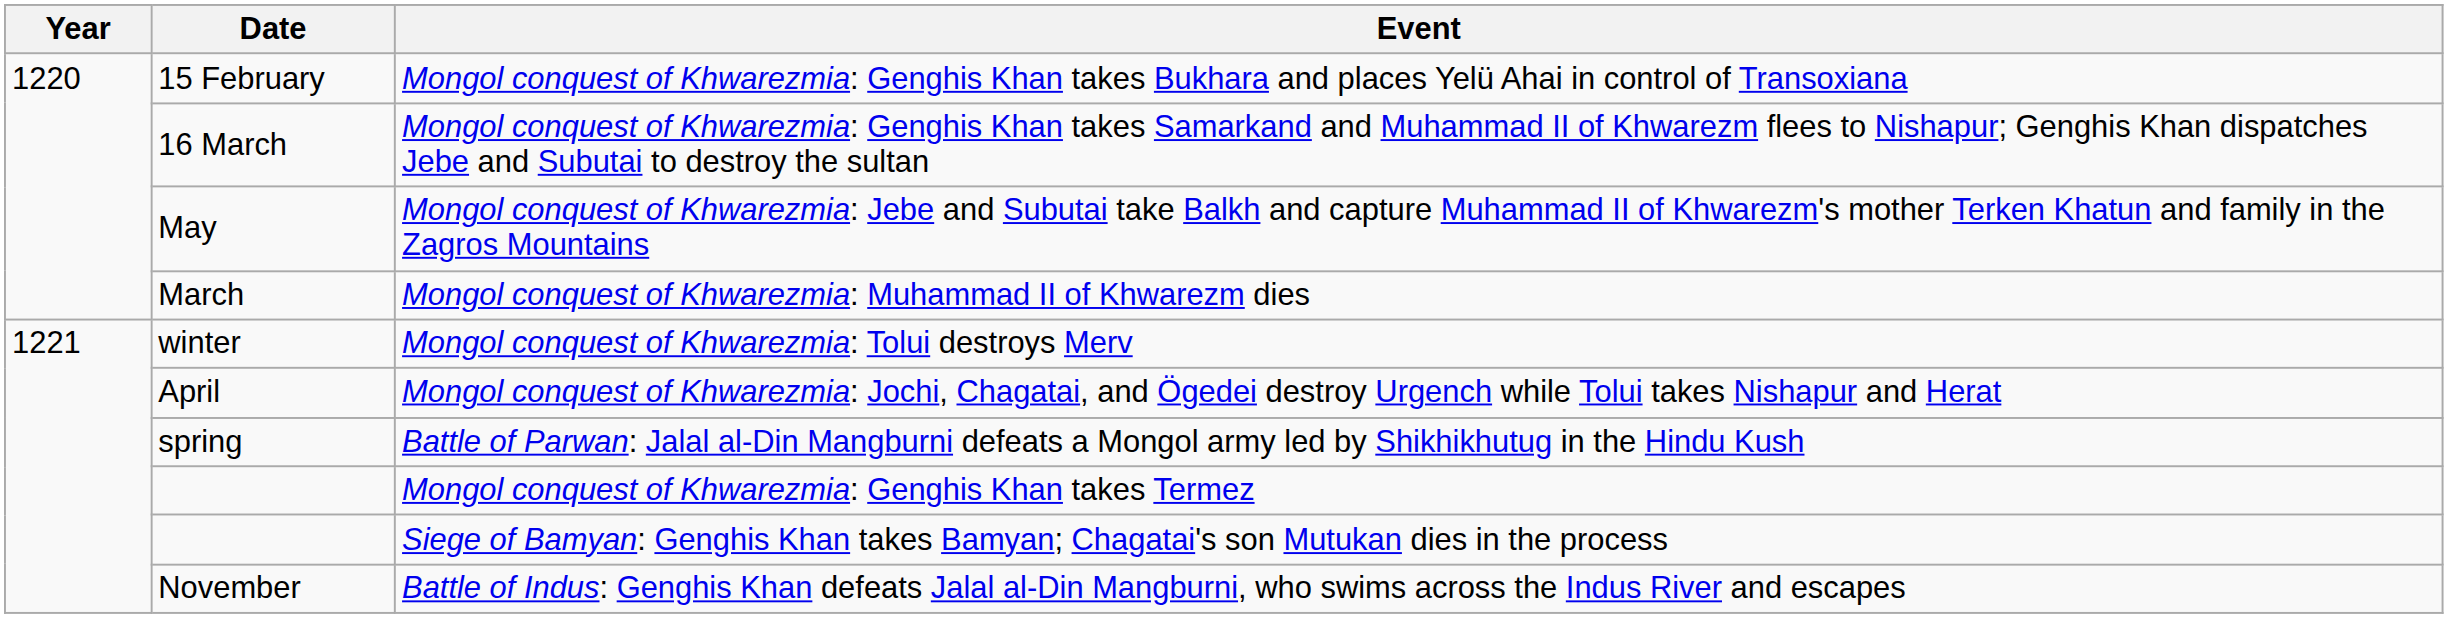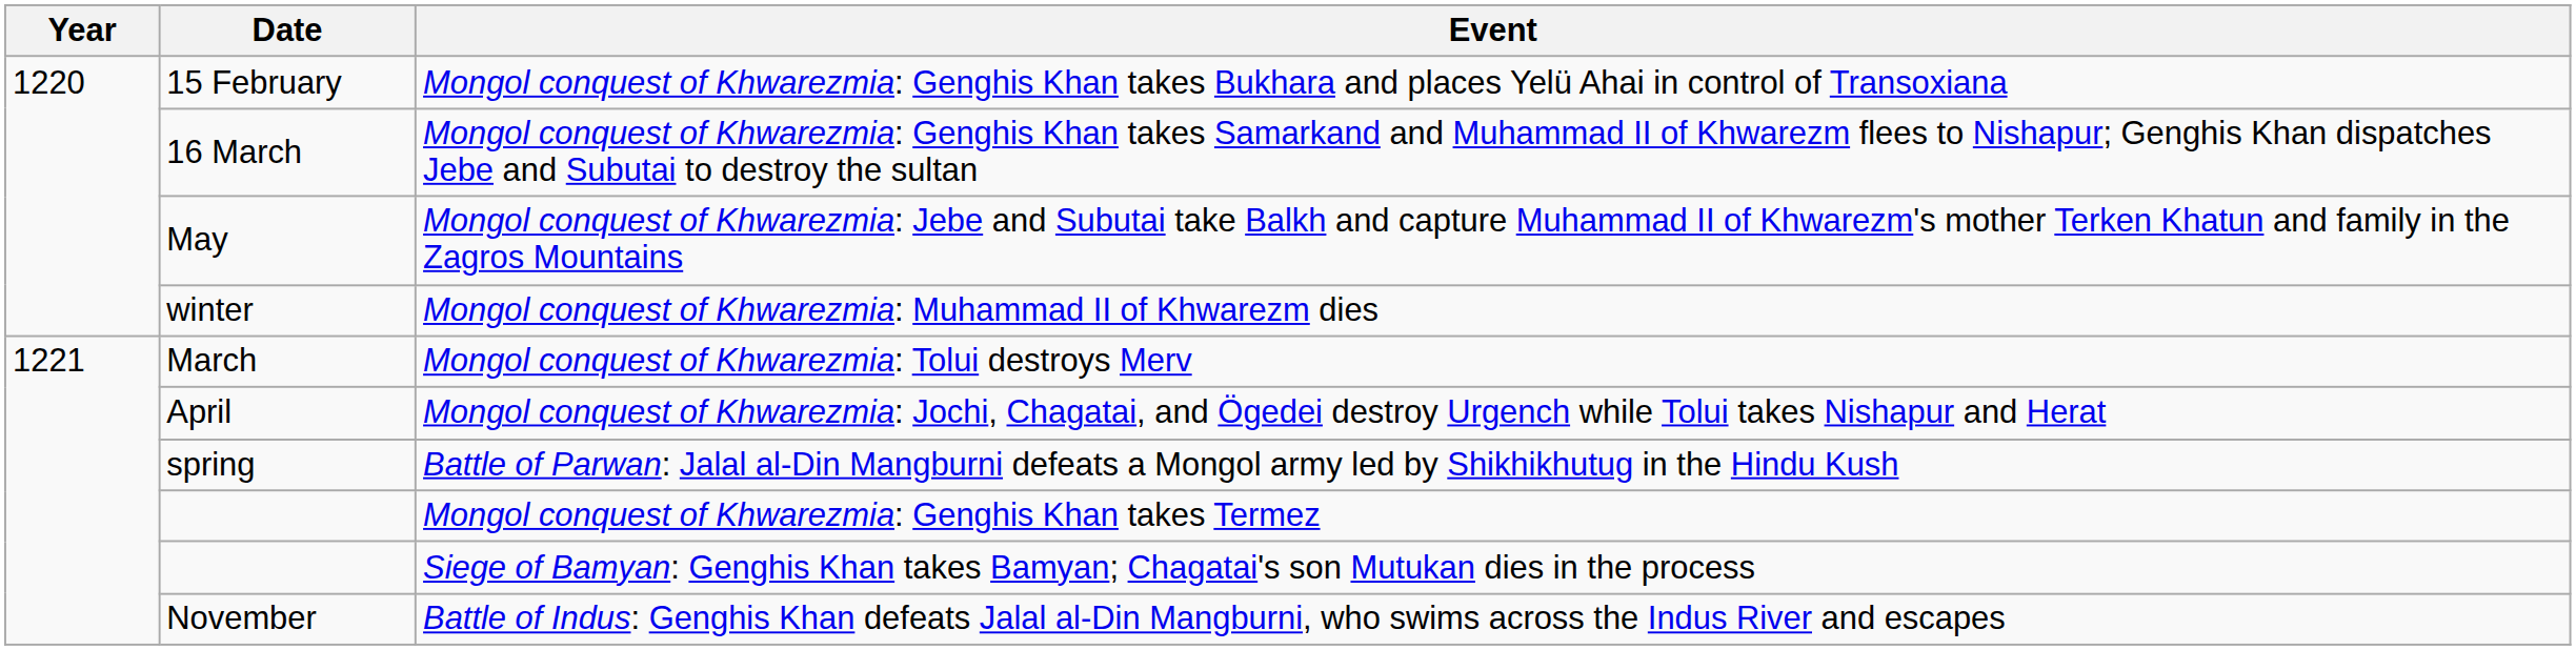 <table class="wikitable" width="100%">
 <tr>
 <th style="width:6%">Year</th>
 <th style="width:10%">Date</th>
 <th>Event</th>
 </tr>
 <tr>
 <td rowspan="4" valign="top">1220</td>
 <td>15 February</td>
 <td><em><a href='#'>Mongol conquest of Khwarezmia</a></em>: <a href='#'>Genghis Khan</a> takes <a href='#'>Bukhara</a> and places Yelü Ahai in control of <a href='#'>Transoxiana</a></td>
 </tr>
 <tr>
 <td>16 March</td>
 <td><em><a href='#'>Mongol conquest of Khwarezmia</a></em>: <a href='#'>Genghis Khan</a> takes <a href='#'>Samarkand</a> and <a href='#'>Muhammad II of Khwarezm</a> flees to <a href='#'>Nishapur</a>; Genghis Khan dispatches <a href='#'>Jebe</a> and <a href='#'>Subutai</a> to destroy the sultan</td>
 </tr>
 <tr>
 <td>May</td>
 <td><em><a href='#'>Mongol conquest of Khwarezmia</a></em>: <a href='#'>Jebe</a> and <a href='#'>Subutai</a> take <a href='#'>Balkh</a> and capture <a href='#'>Muhammad II of Khwarezm</a>'s mother <a href='#'>Terken Khatun</a> and family in the <a href='#'>Zagros Mountains</a></td>
 </tr>
 <tr>
-<td>March</td>
+<td>winter</td>
 <td><em><a href='#'>Mongol conquest of Khwarezmia</a></em>: <a href='#'>Muhammad II of Khwarezm</a> dies</td>
 </tr>
 <tr>
 <td rowspan="6" valign="top">1221</td>
-<td>winter</td>
+<td>March</td>
 <td><em><a href='#'>Mongol conquest of Khwarezmia</a></em>: <a href='#'>Tolui</a> destroys <a href='#'>Merv</a></td>
 </tr>
 <tr>
 <td>April</td>
 <td><em><a href='#'>Mongol conquest of Khwarezmia</a></em>: <a href='#'>Jochi</a>, <a href='#'>Chagatai</a>, and <a href='#'>Ögedei</a> destroy <a href='#'>Urgench</a> while <a href='#'>Tolui</a> takes <a href='#'>Nishapur</a> and <a href='#'>Herat</a></td>
 </tr>
 <tr>
 <td>spring</td>
 <td><em><a href='#'>Battle of Parwan</a></em>: <a href='#'>Jalal al-Din Mangburni</a> defeats a Mongol army led by <a href='#'>Shikhikhutug</a> in the <a href='#'>Hindu Kush</a></td>
 </tr>
 <tr>
 <td></td>
 <td><em><a href='#'>Mongol conquest of Khwarezmia</a></em>: <a href='#'>Genghis Khan</a> takes <a href='#'>Termez</a></td>
 </tr>
 <tr>
 <td></td>
 <td><em><a href='#'>Siege of Bamyan</a></em>: <a href='#'>Genghis Khan</a> takes <a href='#'>Bamyan</a>; <a href='#'>Chagatai</a>'s son <a href='#'>Mutukan</a> dies in the process</td>
 </tr>
 <tr>
 <td>November</td>
 <td><em><a href='#'>Battle of Indus</a></em>: <a href='#'>Genghis Khan</a> defeats <a href='#'>Jalal al-Din Mangburni</a>, who swims across the <a href='#'>Indus River</a> and escapes</td>
 </tr>
 </table>
